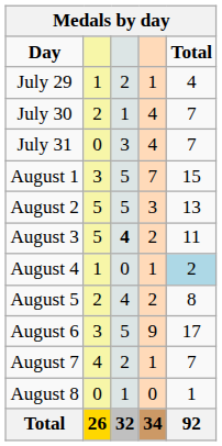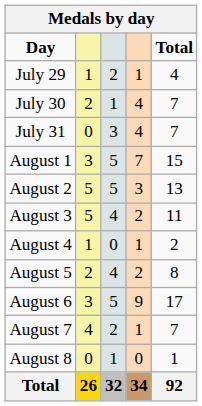 <table class="wikitable" style="font-size:85%; float:right">
 <tr align=center>
 <th colspan=5>Medals by day</th>
 </tr>
 <tr align=center>
 <td><strong>Day</strong></td>
 <td bgcolor=#f7f6a8></td>
 <td bgcolor=#dce5e5></td>
 <td bgcolor=#ffdab9></td>
 <td><strong>Total</strong></td>
 </tr>
 <tr align=center>
 <td>July 29</td>
 <td bgcolor=#f7f6a8>1</td>
 <td bgcolor=#dce5e5>2</td>
 <td bgcolor=#ffdab9>1</td>
 <td>4</td>
 </tr>
 <tr align=center>
 <td>July 30</td>
 <td bgcolor=#f7f6a8>2</td>
 <td bgcolor=#dce5e5>1</td>
 <td bgcolor=#ffdab9>4</td>
 <td>7</td>
 </tr>
 <tr align=center>
 <td>July 31</td>
 <td bgcolor=#f7f6a8>0</td>
 <td bgcolor=#dce5e5>3</td>
 <td bgcolor=#ffdab9>4</td>
 <td>7</td>
 </tr>
 <tr align=center>
 <td>August 1</td>
 <td bgcolor=#f7f6a8>3</td>
 <td bgcolor=#dce5e5>5</td>
 <td bgcolor=#ffdab9>7</td>
 <td>15</td>
 </tr>
 <tr align=center>
 <td>August 2</td>
 <td bgcolor=#f7f6a8>5</td>
 <td bgcolor=#dce5e5>5</td>
 <td bgcolor=#ffdab9>3</td>
 <td>13</td>
 </tr>
 <tr align=center>
 <td>August 3</td>
 <td bgcolor=#f7f6a8>5</td>
-<td bgcolor=#dce5e5><strong>4</strong></td>
+<td bgcolor=#dce5e5>4</td>
 <td bgcolor=#ffdab9>2</td>
 <td>11</td>
 </tr>
 <tr align=center>
 <td>August 4</td>
 <td bgcolor=#f7f6a8>1</td>
 <td bgcolor=#dce5e5>0</td>
 <td bgcolor=#ffdab9>1</td>
-<td style="background: lightblue;">2</td>
+<td>2</td>
 </tr>
 <tr align=center>
 <td>August 5</td>
 <td bgcolor=#f7f6a8>2</td>
 <td bgcolor=#dce5e5>4</td>
 <td bgcolor=#ffdab9>2</td>
 <td>8</td>
 </tr>
 <tr align=center>
 <td>August 6</td>
 <td bgcolor=#f7f6a8>3</td>
 <td bgcolor=#dce5e5>5</td>
 <td bgcolor=#ffdab9>9</td>
 <td>17</td>
 </tr>
 <tr align=center>
 <td>August 7</td>
 <td bgcolor=#f7f6a8>4</td>
 <td bgcolor=#dce5e5>2</td>
 <td bgcolor=#ffdab9>1</td>
 <td>7</td>
 </tr>
 <tr align=center>
 <td>August 8</td>
 <td bgcolor=#f7f6a8>0</td>
 <td bgcolor=#dce5e5>1</td>
 <td bgcolor=#ffdab9>0</td>
 <td>1</td>
 </tr>
 <tr align=center>
 <th bgcolor=#efefef>Total</th>
 <th style="background:gold;">26</th>
 <th style="background:silver;">32</th>
 <th style="background:#c96;">34</th>
 <th>92</th>
 </tr>
 </table>
